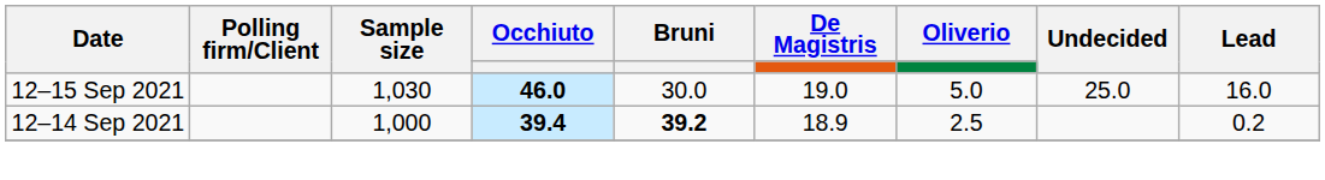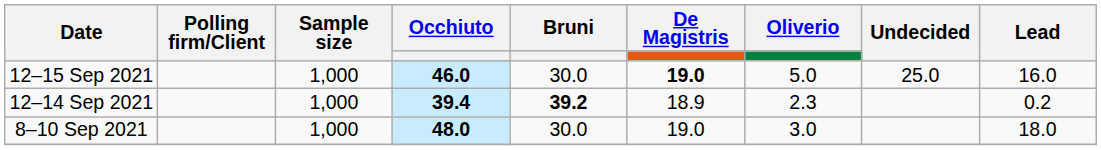 <table class=wikitable style="text-align:center;font-size:85%;line-height:13px">
 <tr style="height:30px; background-color:#E9E9E9">
 <th style="width:100px;" rowspan="2">Date</th>
 <th style="width:75px;" rowspan="2">Polling firm/Client</th>
 <th style="width:75px;" rowspan="2">Sample size</th>
 <th style="width:75px;"><a href='#'>Occhiuto</a></th>
 <th style="width:75px;">Bruni</th>
 <th style="width:75px;"><a href='#'>De Magistris</a></th>
 <th style="width:75px;"><a href='#'>Oliverio</a></th>
 <th style="width:75px;" rowspan="2">Undecided</th>
 <th style="width:75px;" rowspan="2">Lead</th>
 </tr>
 <tr>
 <th style="background:"></th>
 <th style="background:"></th>
 <th style="background:#E4590F;"></th>
 <th style="background:#00833F;"></th>
 </tr>
 <tr>
 <td>12–15 Sep 2021</td>
 <td></td>
-<td>1,030</td>
+<td>1,000</td>
 <td style="background:#C8EBFF"><strong>46.0</strong></td>
 <td>30.0</td>
-<td>19.0</td>
+<td><strong>19.0</strong></td>
 <td>5.0</td>
 <td>25.0</td>
 <td style="background:">16.0</td>
 </tr>
 <tr>
 <td>12–14 Sep 2021</td>
 <td></td>
 <td>1,000</td>
 <td style="background:#C8EBFF"><strong>39.4</strong></td>
 <td><strong>39.2</strong></td>
 <td>18.9</td>
-<td>2.5</td>
+<td>2.3</td>
 <td></td>
 <td style="background:">0.2</td>
 </tr>
 <tr>
+<td>8–10 Sep 2021</td>
+<td></td>
+<td>1,000</td>
+<td style="background:#C8EBFF"><strong>48.0</strong></td>
+<td>30.0</td>
+<td>19.0</td>
+<td>3.0</td>
+<td></td>
+<td style="background:">18.0</td>
+</tr>
+<tr>
 </tr>
 </table>
